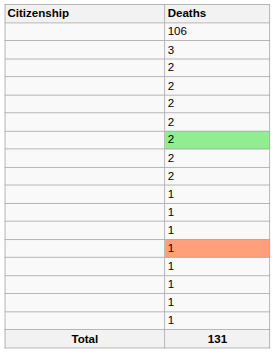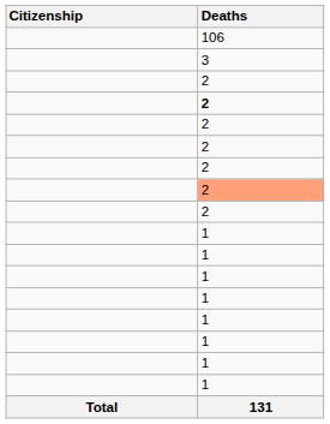 <table class="wikitable sortable floatright" style="font-size:86%; margin:0 0 1.5em 1.5em; width:20%">
 <tr>
 <th style="text-align:left;">Citizenship</th>
 <th style="text-align:left;">Deaths</th>
 </tr>
 <tr>
 <td style="text-align:left;"></td>
 <td>106</td>
 </tr>
 <tr>
 <td style="text-align:left;"></td>
 <td>3</td>
 </tr>
 <tr>
 <td style="text-align:left;"></td>
 <td>2</td>
 </tr>
 <tr>
 <td style="text-align:left;"></td>
+<td><strong>2</strong></td>
+</tr>
+<tr>
+<td style="text-align:left;"></td>
 <td>2</td>
 </tr>
 <tr>
 <td style="text-align:left;"></td>
 <td>2</td>
 </tr>
 <tr>
 <td style="text-align:left;"></td>
 <td>2</td>
 </tr>
 <tr>
 <td style="text-align:left;"></td>
-<td style="background: lightgreen;">2</td>
-</tr>
-<tr>
-<td style="text-align:left;"></td>
-<td>2</td>
+<td style="background: lightsalmon;">2</td>
 </tr>
 <tr>
 <td style="text-align:left;"></td>
 <td>2</td>
 </tr>
 <tr>
 <td style="text-align:left;"></td>
 <td>1</td>
 </tr>
 <tr>
 <td style="text-align:left;"></td>
 <td>1</td>
 </tr>
 <tr>
 <td style="text-align:left;"></td>
 <td>1</td>
 </tr>
 <tr>
 <td style="text-align:left;"></td>
-<td style="background: lightsalmon;">1</td>
+<td>1</td>
 </tr>
 <tr>
 <td style="text-align:left;"></td>
 <td>1</td>
 </tr>
 <tr>
 <td class="nowrap" style="text-align:left;"></td>
 <td>1</td>
 </tr>
 <tr>
 <td style="text-align:left;"></td>
 <td>1</td>
 </tr>
 <tr>
 <td style="text-align:left;"></td>
 <td>1</td>
 </tr>
 <tr class="sortbottom">
 <th><strong>Total</strong></th>
 <th><strong>131</strong></th>
 </tr>
 </table>
